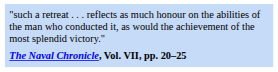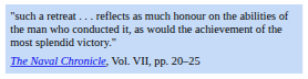 <table class="toccolours" style="float: right; margin-left: 2em; margin-right: 1em; font-size: 85%; background:#c6dbf7; color:black; width:30em; max-width: 40%;" cellspacing="5">
 <tr>
 <td style="text-align: left;">"such a retreat . . . reflects as much honour on the abilities of the man who conducted it, as would the achievement of the most splendid victory."</td>
 </tr>
 <tr>
-<td style="text-align: left;"><strong><em><a href='#'>The Naval Chronicle</a></em>, Vol. VII, pp. 20–25</strong></td>
+<td style="text-align: left;"><em><a href='#'>The Naval Chronicle</a></em>, Vol. VII, pp. 20–25</td>
 </tr>
 </table>
